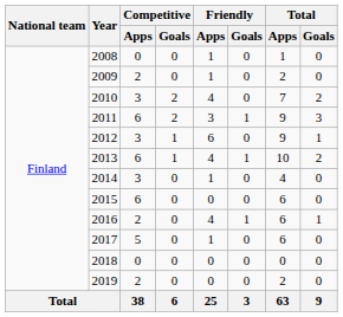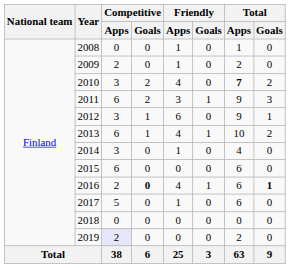 <table class="wikitable" style="text-align:center">
 <tr>
 <th rowspan="2">National team</th>
 <th rowspan="2">Year</th>
 <th colspan="2">Competitive</th>
 <th colspan="2">Friendly</th>
 <th colspan="2">Total</th>
 </tr>
 <tr>
 <th>Apps</th>
 <th>Goals</th>
 <th>Apps</th>
 <th>Goals</th>
 <th>Apps</th>
 <th>Goals</th>
 </tr>
 <tr>
 <td rowspan=12><a href='#'>Finland</a></td>
 <td>2008</td>
 <td>0</td>
 <td>0</td>
 <td>1</td>
 <td>0</td>
 <td>1</td>
 <td>0</td>
 </tr>
 <tr>
 <td>2009</td>
 <td>2</td>
 <td>0</td>
 <td>1</td>
 <td>0</td>
 <td>2</td>
 <td>0</td>
 </tr>
 <tr>
 <td>2010</td>
 <td>3</td>
 <td>2</td>
 <td>4</td>
 <td>0</td>
-<td>7</td>
+<td><strong>7</strong></td>
 <td>2</td>
 </tr>
 <tr>
 <td>2011</td>
 <td>6</td>
 <td>2</td>
 <td>3</td>
 <td>1</td>
 <td>9</td>
 <td>3</td>
 </tr>
 <tr>
 <td>2012</td>
 <td>3</td>
 <td>1</td>
 <td>6</td>
 <td>0</td>
 <td>9</td>
 <td>1</td>
 </tr>
 <tr>
 <td>2013</td>
 <td>6</td>
 <td>1</td>
 <td>4</td>
 <td>1</td>
 <td>10</td>
 <td>2</td>
 </tr>
 <tr>
 <td>2014</td>
 <td>3</td>
 <td>0</td>
 <td>1</td>
 <td>0</td>
 <td>4</td>
 <td>0</td>
 </tr>
 <tr>
 <td>2015</td>
 <td>6</td>
 <td>0</td>
 <td>0</td>
 <td>0</td>
 <td>6</td>
 <td>0</td>
 </tr>
 <tr>
 <td>2016</td>
 <td>2</td>
-<td>0</td>
+<td><strong>0</strong></td>
 <td>4</td>
 <td>1</td>
 <td>6</td>
-<td>1</td>
+<td><strong>1</strong></td>
 </tr>
 <tr>
 <td>2017</td>
 <td>5</td>
 <td>0</td>
 <td>1</td>
 <td>0</td>
 <td>6</td>
 <td>0</td>
 </tr>
 <tr>
 <td>2018</td>
 <td>0</td>
 <td>0</td>
 <td>0</td>
 <td>0</td>
 <td>0</td>
 <td>0</td>
 </tr>
 <tr>
 <td>2019</td>
-<td>2</td>
+<td style="background: lavender;">2</td>
 <td>0</td>
 <td>0</td>
 <td>0</td>
 <td>2</td>
 <td>0</td>
 </tr>
 <tr>
 <th colspan=2>Total</th>
 <th>38</th>
 <th>6</th>
 <th>25</th>
 <th>3</th>
 <th>63</th>
 <th>9</th>
 </tr>
 </table>
